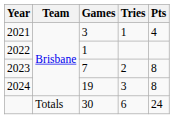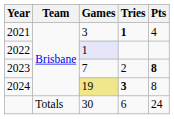 <table class="wikitable">
 <tr>
 <th>Year</th>
 <th>Team</th>
 <th>Games</th>
 <th>Tries</th>
 <th>Pts</th>
 </tr>
 <tr>
 <td>2021</td>
 <td rowspan="4"> <a href='#'>Brisbane</a></td>
 <td>3</td>
-<td>1</td>
+<td><strong>1</strong></td>
 <td>4</td>
 </tr>
 <tr>
 <td>2022</td>
-<td>1</td>
+<td style="background: lavender;">1</td>
 <td></td>
 <td></td>
 </tr>
 <tr>
 <td>2023</td>
 <td>7</td>
 <td>2</td>
-<td>8</td>
+<td><strong>8</strong></td>
 </tr>
 <tr>
 <td>2024</td>
-<td>19</td>
-<td>3</td>
+<td style="background: khaki;">19</td>
+<td><strong>3</strong></td>
 <td>8</td>
 </tr>
 <tr>
 <td></td>
 <td>Totals</td>
 <td>30</td>
 <td>6</td>
 <td>24</td>
 </tr>
 </table>
